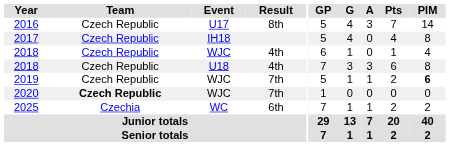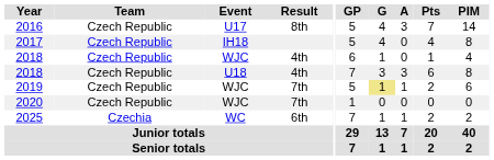 <table border="0" cellpadding="1" cellspacing="0" id="Table3" style="text-align:center; width:40em;">
 <tr bgcolor="#e0e0e0">
 <th>Year</th>
 <th>Team</th>
 <th>Event</th>
 <th>Result</th>
 <th rowspan="99" bgcolor="#ffffff"></th>
 <th>GP</th>
 <th>G</th>
 <th>A</th>
 <th>Pts</th>
 <th>PIM</th>
 </tr>
 <tr>
 <td><a href='#'>2016</a></td>
 <td>Czech Republic</td>
 <td><a href='#'>U17</a></td>
 <td>8th</td>
 <td>5</td>
 <td>4</td>
 <td>3</td>
 <td>7</td>
 <td>14</td>
 </tr>
 <tr bgcolor="#f0f0f0">
 <td><a href='#'>2017</a></td>
 <td><a href='#'>Czech Republic</a></td>
 <td><a href='#'>IH18</a></td>
 <td></td>
 <td>5</td>
 <td>4</td>
 <td>0</td>
 <td>4</td>
 <td>8</td>
 </tr>
 <tr>
 <td><a href='#'>2018</a></td>
 <td><a href='#'>Czech Republic</a></td>
 <td><a href='#'>WJC</a></td>
 <td>4th</td>
 <td>6</td>
 <td>1</td>
 <td>0</td>
 <td>1</td>
 <td>4</td>
 </tr>
 <tr bgcolor="#f0f0f0">
 <td><a href='#'>2018</a></td>
 <td>Czech Republic</td>
 <td><a href='#'>U18</a></td>
 <td>4th</td>
 <td>7</td>
 <td>3</td>
 <td>3</td>
 <td>6</td>
 <td>8</td>
 </tr>
 <tr>
 <td><a href='#'>2019</a></td>
 <td>Czech Republic</td>
 <td>WJC</td>
 <td>7th</td>
 <td>5</td>
-<td>1</td>
+<td style="background: khaki;">1</td>
 <td>1</td>
 <td>2</td>
-<td><strong>6</strong></td>
+<td>6</td>
 </tr>
 <tr bgcolor="#f0f0f0">
 <td><a href='#'>2020</a></td>
-<td><strong>Czech Republic</strong></td>
+<td>Czech Republic</td>
 <td>WJC</td>
 <td>7th</td>
 <td>1</td>
 <td>0</td>
 <td>0</td>
 <td>0</td>
 <td>0</td>
 </tr>
 <tr>
 <td><a href='#'>2025</a></td>
 <td><a href='#'>Czechia</a></td>
 <td><a href='#'>WC</a></td>
 <td>6th</td>
 <td>7</td>
 <td>1</td>
 <td>1</td>
 <td>2</td>
 <td>2</td>
 </tr>
 <tr bgcolor="#e0e0e0">
 <th colspan="4">Junior totals</th>
 <th>29</th>
 <th>13</th>
 <th>7</th>
 <th>20</th>
 <th>40</th>
 </tr>
 <tr bgcolor="#e0e0e0">
 <th colspan="4">Senior totals</th>
 <th>7</th>
 <th>1</th>
 <th>1</th>
 <th>2</th>
 <th>2</th>
 </tr>
 </table>
